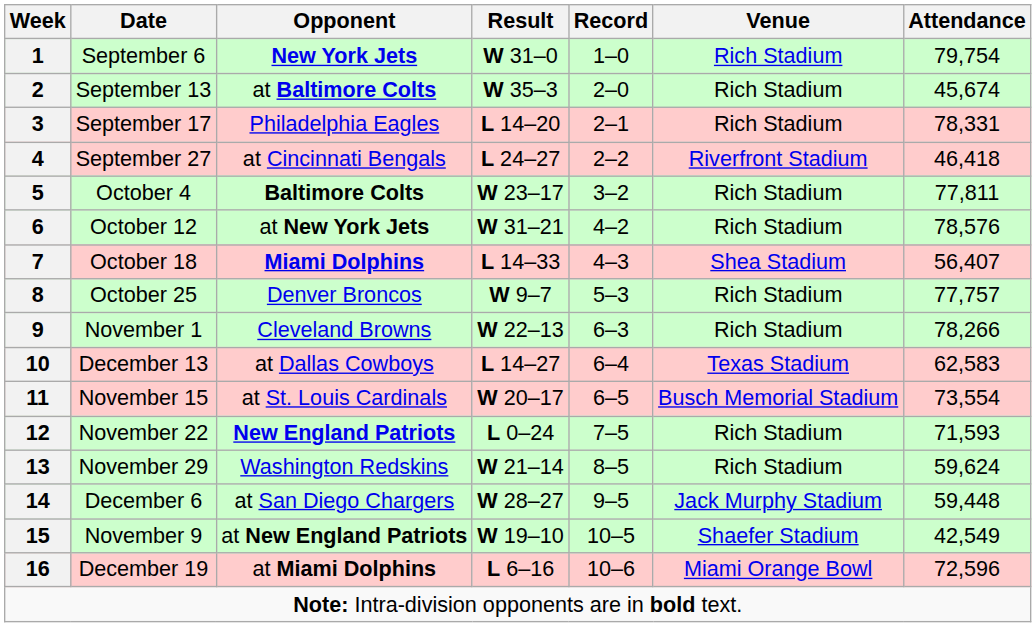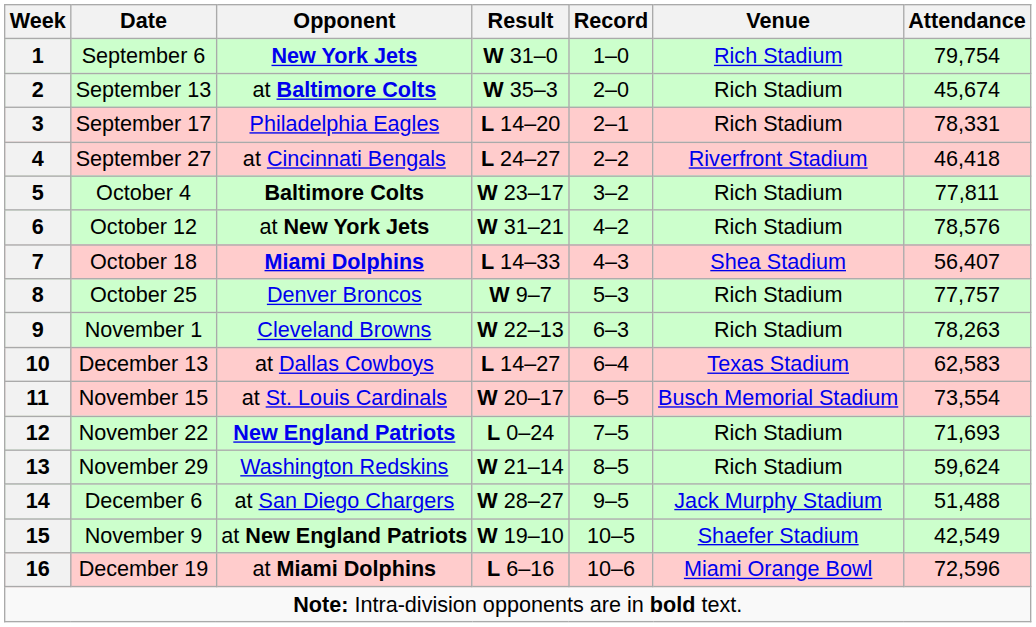 <table class="wikitable" style="text-align:center">
 <tr>
 <th>Week</th>
 <th>Date</th>
 <th>Opponent</th>
 <th>Result</th>
 <th>Record</th>
 <th>Venue</th>
 <th>Attendance</th>
 </tr>
 <tr style="background:#cfc">
 <th>1</th>
 <td>September 6</td>
 <td><strong><a href='#'>New York Jets</a></strong></td>
 <td><strong>W</strong> 31–0</td>
 <td>1–0</td>
 <td><a href='#'>Rich Stadium</a></td>
 <td>79,754</td>
 </tr>
 <tr style="background:#cfc">
 <th>2</th>
 <td>September 13</td>
 <td>at <strong><a href='#'>Baltimore Colts</a></strong></td>
 <td><strong>W</strong> 35–3</td>
 <td>2–0</td>
 <td>Rich Stadium</td>
 <td>45,674</td>
 </tr>
 <tr style="background:#fcc">
 <th>3</th>
 <td>September 17</td>
 <td><a href='#'>Philadelphia Eagles</a></td>
 <td><strong>L</strong> 14–20</td>
 <td>2–1</td>
 <td>Rich Stadium</td>
 <td>78,331</td>
 </tr>
 <tr style="background:#fcc">
 <th>4</th>
 <td>September 27</td>
 <td>at <a href='#'>Cincinnati Bengals</a></td>
 <td><strong>L</strong> 24–27</td>
 <td>2–2</td>
 <td><a href='#'>Riverfront Stadium</a></td>
 <td>46,418</td>
 </tr>
 <tr style="background:#cfc">
 <th>5</th>
 <td>October 4</td>
 <td><strong>Baltimore Colts</strong></td>
 <td><strong>W</strong> 23–17</td>
 <td>3–2</td>
 <td>Rich Stadium</td>
 <td>77,811</td>
 </tr>
 <tr style="background:#cfc">
 <th>6</th>
 <td>October 12</td>
 <td>at <strong>New York Jets</strong></td>
 <td><strong>W</strong> 31–21</td>
 <td>4–2</td>
 <td>Rich Stadium</td>
 <td>78,576</td>
 </tr>
 <tr style="background:#fcc">
 <th>7</th>
 <td>October 18</td>
 <td><strong><a href='#'>Miami Dolphins</a></strong></td>
 <td><strong>L</strong> 14–33</td>
 <td>4–3</td>
 <td><a href='#'>Shea Stadium</a></td>
 <td>56,407</td>
 </tr>
 <tr style="background:#cfc">
 <th>8</th>
 <td>October 25</td>
 <td><a href='#'>Denver Broncos</a></td>
 <td><strong>W</strong> 9–7</td>
 <td>5–3</td>
 <td>Rich Stadium</td>
 <td>77,757</td>
 </tr>
 <tr style="background:#cfc">
 <th>9</th>
 <td>November 1</td>
 <td><a href='#'>Cleveland Browns</a></td>
 <td><strong>W</strong> 22–13</td>
 <td>6–3</td>
 <td>Rich Stadium</td>
-<td>78,266</td>
+<td>78,263</td>
 </tr>
 <tr style="background:#fcc">
 <th>10</th>
 <td>December 13</td>
 <td>at <a href='#'>Dallas Cowboys</a></td>
 <td><strong>L</strong> 14–27</td>
 <td>6–4</td>
 <td><a href='#'>Texas Stadium</a></td>
 <td>62,583</td>
 </tr>
 <tr style="background:#fcc">
 <th>11</th>
 <td>November 15</td>
 <td>at <a href='#'>St. Louis Cardinals</a></td>
 <td><strong>W</strong> 20–17</td>
 <td>6–5</td>
 <td><a href='#'>Busch Memorial Stadium</a></td>
 <td>73,554</td>
 </tr>
 <tr style="background:#cfc">
 <th>12</th>
 <td>November 22</td>
 <td><strong><a href='#'>New England Patriots</a></strong></td>
 <td><strong>L</strong> 0–24</td>
 <td>7–5</td>
 <td>Rich Stadium</td>
-<td>71,593</td>
+<td>71,693</td>
 </tr>
 <tr style="background:#cfc">
 <th>13</th>
 <td>November 29</td>
 <td><a href='#'>Washington Redskins</a></td>
 <td><strong>W</strong> 21–14</td>
 <td>8–5</td>
 <td>Rich Stadium</td>
 <td>59,624</td>
 </tr>
 <tr style="background:#cfc">
 <th>14</th>
 <td>December 6</td>
 <td>at <a href='#'>San Diego Chargers</a></td>
 <td><strong>W</strong> 28–27</td>
 <td>9–5</td>
 <td><a href='#'>Jack Murphy Stadium</a></td>
-<td>59,448</td>
+<td>51,488</td>
 </tr>
 <tr style="background:#cfc">
 <th>15</th>
 <td>November 9</td>
 <td>at <strong>New England Patriots</strong></td>
 <td><strong>W</strong> 19–10</td>
 <td>10–5</td>
 <td><a href='#'>Shaefer Stadium</a></td>
 <td>42,549</td>
 </tr>
 <tr style="background:#fcc">
 <th>16</th>
 <td>December 19</td>
 <td>at <strong>Miami Dolphins</strong></td>
 <td><strong>L</strong> 6–16</td>
 <td>10–6</td>
 <td><a href='#'>Miami Orange Bowl</a></td>
 <td>72,596</td>
 </tr>
 <tr>
 <td colspan="8"><strong>Note:</strong> Intra-division opponents are in <strong>bold</strong> text.</td>
 </tr>
 </table>
